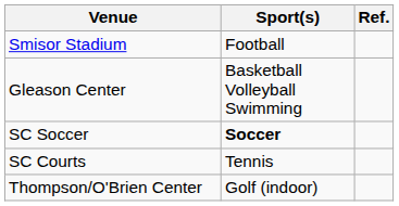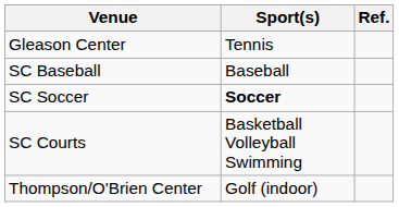 <table class="wikitable"; style= "text-align: ">
 <tr>
 <th width=200px>Venue</th>
 <th width=120px>Sport(s)</th>
 <th width=0px>Ref.</th>
 </tr>
 <tr>
-<td><a href='#'>Smisor Stadium</a></td>
-<td>Football</td>
+<td>Gleason Center</td>
+<td>Tennis</td>
 <td></td>
 </tr>
 <tr>
-<td>Gleason Center</td>
-<td>Basketball <br> Volleyball <br> Swimming</td>
+<td>SC Baseball</td>
+<td>Baseball</td>
 <td></td>
 </tr>
 <tr>
 <td>SC Soccer</td>
 <td><strong>Soccer</strong></td>
 <td></td>
 </tr>
 <tr>
 <td>SC Courts</td>
-<td>Tennis</td>
+<td>Basketball <br> Volleyball <br> Swimming</td>
 <td></td>
 </tr>
 <tr>
 <td>Thompson/O'Brien Center</td>
 <td>Golf (indoor)</td>
 <td></td>
 </tr>
 </table>
